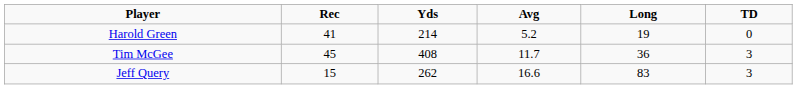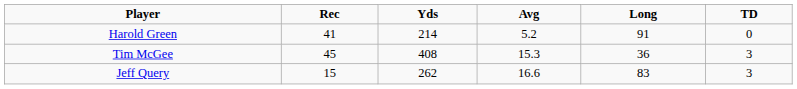 <table class="wikitable" width="80%">
 <tr align="center">
 <td><strong>Player</strong></td>
 <td><strong>Rec</strong></td>
 <td><strong>Yds</strong></td>
 <td><strong>Avg</strong></td>
 <td><strong>Long</strong></td>
 <td><strong>TD</strong></td>
 </tr>
 <tr align="center" bgcolor="">
 <td><a href='#'>Harold Green</a></td>
 <td>41</td>
 <td>214</td>
 <td>5.2</td>
-<td>19</td>
+<td>91</td>
 <td>0</td>
 </tr>
 <tr align="center" bgcolor="">
 <td><a href='#'>Tim McGee</a></td>
 <td>45</td>
 <td>408</td>
-<td>11.7</td>
+<td>15.3</td>
 <td>36</td>
 <td>3</td>
 </tr>
 <tr align="center" bgcolor="">
 <td><a href='#'>Jeff Query</a></td>
 <td>15</td>
 <td>262</td>
 <td>16.6</td>
 <td>83</td>
 <td>3</td>
 </tr>
 </table>
